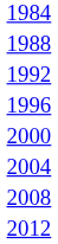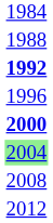 <table>
 <tr>
 <td><a href='#'>1984</a></td>
 <td></td>
 <td></td>
 <td></td>
 </tr>
 <tr>
 <td><a href='#'>1988</a></td>
 <td></td>
 <td></td>
 <td></td>
 </tr>
 <tr>
-<td><a href='#'>1992</a></td>
+<td><strong><a href='#'>1992</a></strong></td>
 <td></td>
 <td></td>
 <td></td>
 </tr>
 <tr>
 <td><a href='#'>1996</a></td>
 <td></td>
 <td></td>
 <td></td>
 </tr>
 <tr>
-<td><a href='#'>2000</a></td>
+<td><strong><a href='#'>2000</a></strong></td>
 <td></td>
 <td></td>
 <td></td>
 </tr>
 <tr>
-<td><a href='#'>2004</a></td>
+<td style="background: lightgreen;"><a href='#'>2004</a></td>
 <td></td>
 <td></td>
 <td></td>
 </tr>
 <tr>
 <td><a href='#'>2008</a></td>
 <td></td>
 <td></td>
 <td></td>
 </tr>
 <tr>
 <td><a href='#'>2012</a></td>
 <td></td>
 <td></td>
 <td></td>
 </tr>
 </table>
